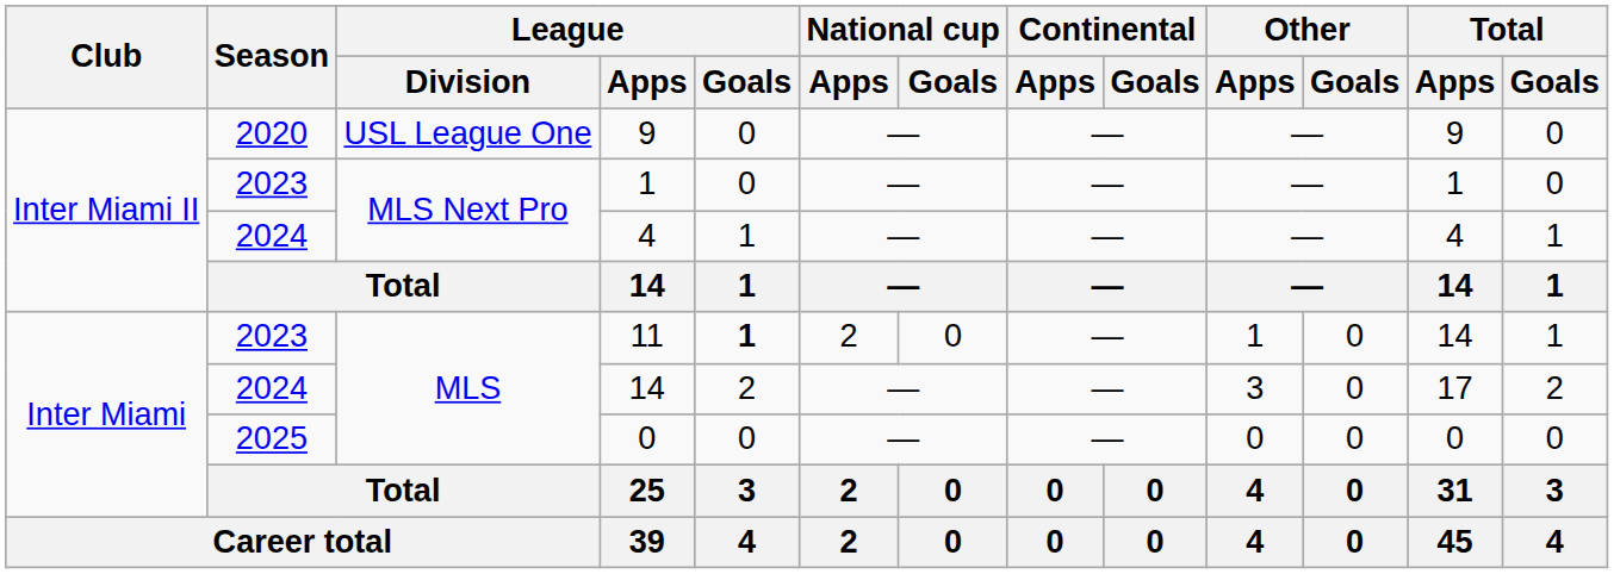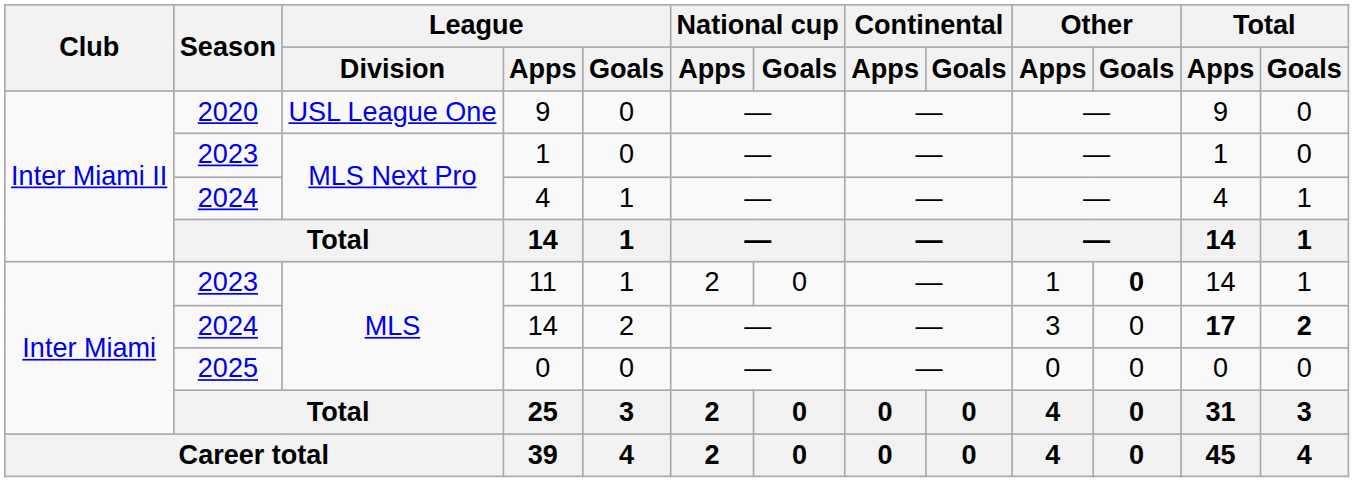 <table class=wikitable style=text-align:center>
 <tr>
 <th rowspan=2>Club</th>
 <th rowspan=2>Season</th>
 <th colspan=3>League</th>
 <th colspan=2>National cup</th>
 <th colspan=2>Continental</th>
 <th colspan=2>Other</th>
 <th colspan=2>Total</th>
 </tr>
 <tr>
 <th>Division</th>
 <th>Apps</th>
 <th>Goals</th>
 <th>Apps</th>
 <th>Goals</th>
 <th>Apps</th>
 <th>Goals</th>
 <th>Apps</th>
 <th>Goals</th>
 <th>Apps</th>
 <th>Goals</th>
 </tr>
 <tr>
 <td rowspan=4><a href='#'>Inter Miami II</a></td>
 <td><a href='#'>2020</a></td>
 <td><a href='#'>USL League One</a></td>
 <td>9</td>
 <td>0</td>
 <td colspan=2>—</td>
 <td colspan=2>—</td>
 <td colspan=2>—</td>
 <td>9</td>
 <td>0</td>
 </tr>
 <tr>
 <td><a href='#'>2023</a></td>
 <td rowspan=2><a href='#'>MLS Next Pro</a></td>
 <td>1</td>
 <td>0</td>
 <td colspan=2>—</td>
 <td colspan=2>—</td>
 <td colspan=2>—</td>
 <td>1</td>
 <td>0</td>
 </tr>
 <tr>
 <td><a href='#'>2024</a></td>
 <td>4</td>
 <td>1</td>
 <td colspan=2>—</td>
 <td colspan=2>—</td>
 <td colspan=2>—</td>
 <td>4</td>
 <td>1</td>
 </tr>
 <tr>
 <th colspan="2">Total</th>
 <th>14</th>
 <th>1</th>
 <th colspan=2>—</th>
 <th colspan=2>—</th>
 <th colspan=2>—</th>
 <th>14</th>
 <th>1</th>
 </tr>
 <tr>
 <td rowspan=4><a href='#'>Inter Miami</a></td>
 <td><a href='#'>2023</a></td>
 <td rowspan=3><a href='#'>MLS</a></td>
 <td>11</td>
-<td><strong>1</strong></td>
+<td>1</td>
 <td>2</td>
 <td>0</td>
 <td colspan=2>—</td>
 <td>1</td>
-<td>0</td>
+<td><strong>0</strong></td>
 <td>14</td>
 <td>1</td>
 </tr>
 <tr>
 <td><a href='#'>2024</a></td>
 <td>14</td>
 <td>2</td>
 <td colspan=2>—</td>
 <td colspan=2>—</td>
 <td>3</td>
 <td>0</td>
-<td>17</td>
-<td>2</td>
+<td><strong>17</strong></td>
+<td><strong>2</strong></td>
 </tr>
 <tr>
 <td><a href='#'>2025</a></td>
 <td>0</td>
 <td>0</td>
 <td colspan=2>—</td>
 <td colspan=2>—</td>
 <td>0</td>
 <td>0</td>
 <td>0</td>
 <td>0</td>
 </tr>
 <tr>
 <th colspan="2">Total</th>
 <th>25</th>
 <th>3</th>
 <th>2</th>
 <th>0</th>
 <th>0</th>
 <th>0</th>
 <th>4</th>
 <th>0</th>
 <th>31</th>
 <th>3</th>
 </tr>
 <tr>
 <th colspan=3>Career total</th>
 <th>39</th>
 <th>4</th>
 <th>2</th>
 <th>0</th>
 <th>0</th>
 <th>0</th>
 <th>4</th>
 <th>0</th>
 <th>45</th>
 <th>4</th>
 </tr>
 </table>
